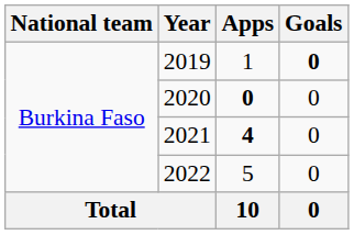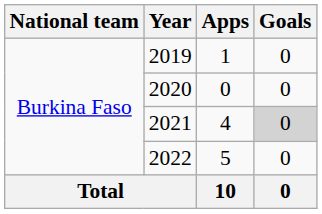 <table class="wikitable" style="text-align:center">
 <tr>
 <th>National team</th>
 <th>Year</th>
 <th>Apps</th>
 <th>Goals</th>
 </tr>
 <tr>
 <td rowspan="4"><a href='#'>Burkina Faso</a></td>
 <td>2019</td>
 <td>1</td>
-<td><strong>0</strong></td>
+<td>0</td>
 </tr>
 <tr>
 <td>2020</td>
-<td><strong>0</strong></td>
+<td>0</td>
 <td>0</td>
 </tr>
 <tr>
 <td>2021</td>
-<td><strong>4</strong></td>
-<td>0</td>
+<td>4</td>
+<td style="background: lightgrey;">0</td>
 </tr>
 <tr>
 <td>2022</td>
 <td>5</td>
 <td>0</td>
 </tr>
 <tr>
 <th colspan="2">Total</th>
 <th>10</th>
 <th>0</th>
 </tr>
 </table>
